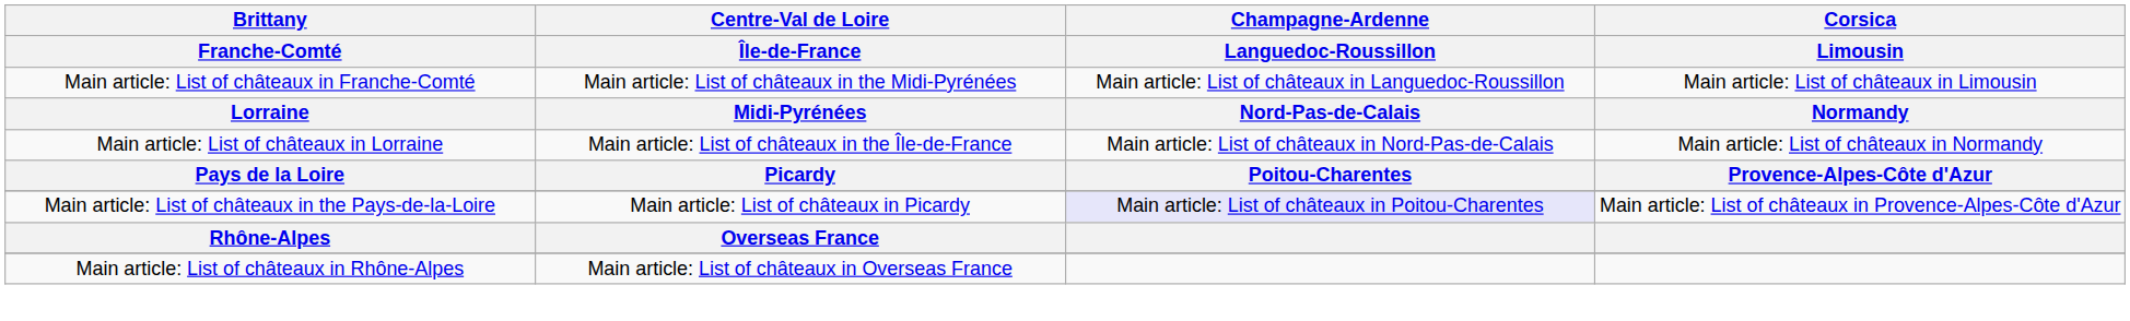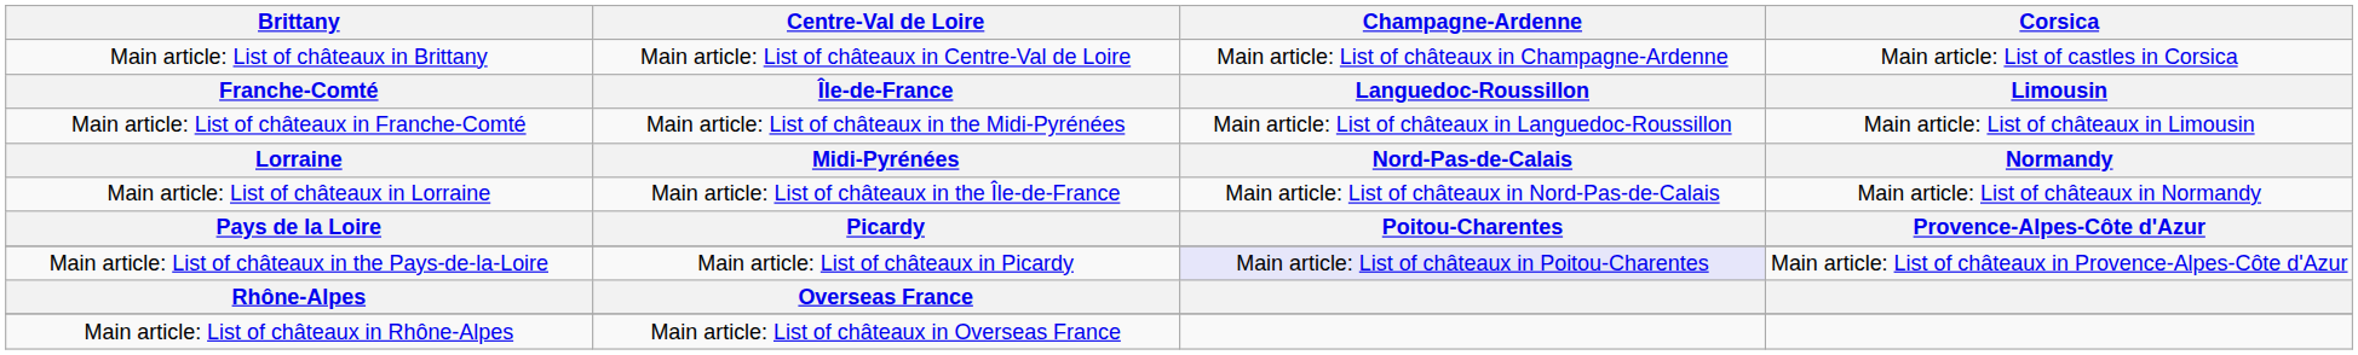 <table class="wikitable" style="margin-left: auto; margin-right: auto; border: none;">
 <tr>
 <th style="width:25%;"> <a href='#'>Brittany</a></th>
 <th style="width:25%;"> <a href='#'>Centre-Val de Loire</a></th>
 <th style="width:25%;"> <a href='#'>Champagne-Ardenne</a></th>
 <th style="width:25%;"> <a href='#'>Corsica</a></th>
+</tr>
+<tr style="text-align:center;">
+<td>Main article: <a href='#'>List of châteaux in Brittany</a><br></td>
+<td>Main article: <a href='#'>List of châteaux in Centre-Val de Loire</a><br></td>
+<td>Main article: <a href='#'>List of châteaux in Champagne-Ardenne</a><br></td>
+<td>Main article: <a href='#'>List of castles in Corsica</a><br></td>
 </tr>
 <tr style="text-align:center;">
 <th style="width:25%;"> <a href='#'>Franche-Comté</a></th>
 <th style="width:25%;"> <a href='#'>Île-de-France</a></th>
 <th style="width:25%;"> <a href='#'>Languedoc-Roussillon</a></th>
 <th style="width:25%;"> <a href='#'>Limousin</a></th>
 </tr>
 <tr style="text-align:center;">
 <td>Main article: <a href='#'>List of châteaux in Franche-Comté</a><br></td>
 <td>Main article: <a href='#'>List of châteaux in the Midi-Pyrénées</a><br></td>
 <td>Main article: <a href='#'>List of châteaux in Languedoc-Roussillon</a><br></td>
 <td>Main article: <a href='#'>List of châteaux in Limousin</a><br></td>
 </tr>
 <tr style="text-align:center;">
 <th style="width:25%;"> <a href='#'>Lorraine</a></th>
 <th style="width:25%;"> <a href='#'>Midi-Pyrénées</a></th>
 <th style="width:25%;"> <a href='#'>Nord-Pas-de-Calais</a></th>
 <th style="width:25%;"> <a href='#'>Normandy</a></th>
 </tr>
 <tr style="text-align:center;">
 <td>Main article: <a href='#'>List of châteaux in Lorraine</a><br></td>
 <td>Main article: <a href='#'>List of châteaux in the Île-de-France</a><br></td>
 <td>Main article: <a href='#'>List of châteaux in Nord-Pas-de-Calais</a><br></td>
 <td>Main article: <a href='#'>List of châteaux in Normandy</a><br></td>
 </tr>
 <tr>
 <th style="width:25%;"> <a href='#'>Pays de la Loire</a></th>
 <th style="width:25%;"> <a href='#'>Picardy</a></th>
 <th style="width:25%;"> <a href='#'>Poitou-Charentes</a></th>
 <th style="width:25%;"> <a href='#'>Provence-Alpes-Côte d'Azur</a></th>
 </tr>
 <tr>
 </tr>
 <tr style="text-align:center;">
 <td>Main article: <a href='#'>List of châteaux in the Pays-de-la-Loire</a><br></td>
 <td>Main article: <a href='#'>List of châteaux in Picardy</a><br></td>
 <td style="background: lavender;">Main article: <a href='#'>List of châteaux in Poitou-Charentes</a><br></td>
 <td>Main article: <a href='#'>List of châteaux in Provence-Alpes-Côte d'Azur</a><br></td>
 </tr>
 <tr>
 <th style="width:25%;"> <a href='#'>Rhône-Alpes</a></th>
 <th style="width:25%;"> <a href='#'>Overseas France</a></th>
 <th></th>
 <th></th>
 </tr>
 <tr>
 </tr>
 <tr style="text-align:center;">
 <td>Main article: <a href='#'>List of châteaux in Rhône-Alpes</a><br></td>
 <td>Main article: <a href='#'>List of châteaux in Overseas France</a><br></td>
 <td></td>
 <td></td>
 </tr>
 </table>
